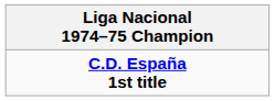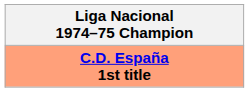 <table class="wikitable" style="text-align: center; margin: 0 auto; width: 20%">
 <tr>
 <th>Liga Nacional<br>1974–75 Champion</th>
 </tr>
 <tr>
-<td><strong><a href='#'>C.D. España</a></strong><br><strong>1st title</strong></td>
+<td style="background: lightsalmon;"><strong><a href='#'>C.D. España</a></strong><br><strong>1st title</strong></td>
 </tr>
 </table>
